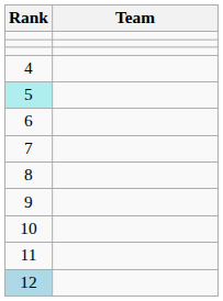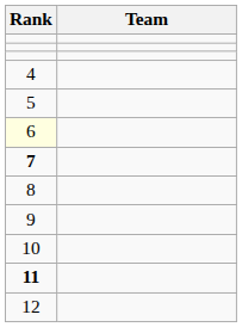 <table class="wikitable">
 <tr>
 <th>Rank</th>
 <th width=150>Team</th>
 </tr>
 <tr>
 <td align=center></td>
 <td></td>
 </tr>
 <tr>
 <td align=center></td>
 <td></td>
 </tr>
 <tr>
 <td align=center></td>
 <td></td>
 </tr>
 <tr>
 <td align=center>4</td>
 <td></td>
 </tr>
 <tr>
-<td align=center style="background: paleturquoise;">5</td>
+<td align=center>5</td>
 <td></td>
 </tr>
 <tr>
-<td align=center>6</td>
+<td align=center style="background: lightyellow;">6</td>
 <td></td>
 </tr>
 <tr>
-<td align=center>7</td>
+<td align=center><strong>7</strong></td>
 <td></td>
 </tr>
 <tr>
 <td align=center>8</td>
 <td></td>
 </tr>
 <tr>
 <td align=center>9</td>
 <td></td>
 </tr>
 <tr>
 <td align=center>10</td>
 <td></td>
 </tr>
 <tr>
-<td align=center>11</td>
+<td align=center><strong>11</strong></td>
 <td></td>
 </tr>
 <tr>
-<td align=center style="background: lightblue;">12</td>
+<td align=center>12</td>
 <td></td>
 </tr>
 </table>
